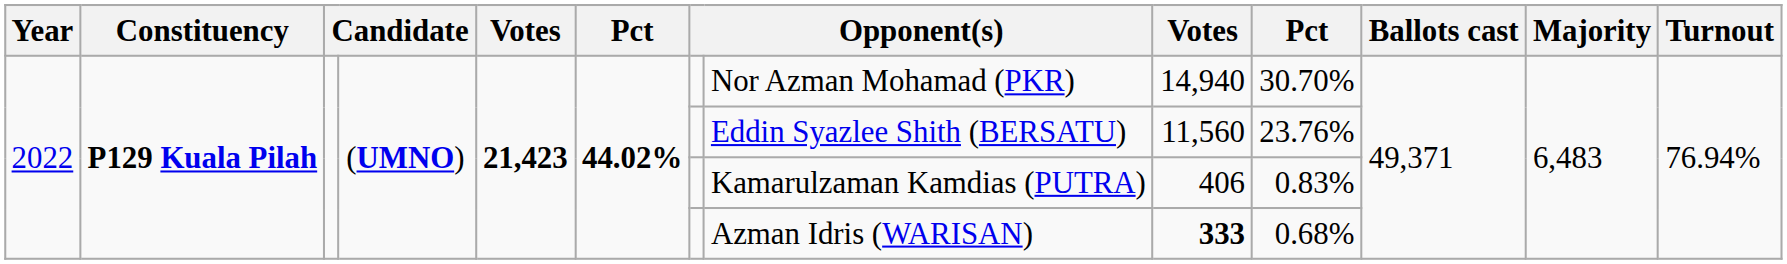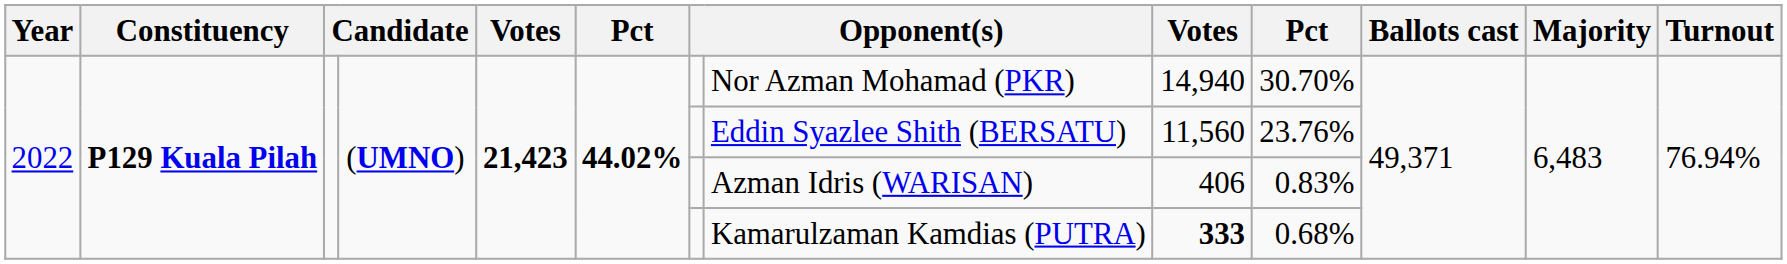 <table class="wikitable" style="margin:0.5em ; font-size:95%">
 <tr>
 <th>Year</th>
 <th>Constituency</th>
 <th colspan=2>Candidate</th>
 <th>Votes</th>
 <th>Pct</th>
 <th colspan=2>Opponent(s)</th>
 <th>Votes</th>
 <th>Pct</th>
 <th>Ballots cast</th>
 <th>Majority</th>
 <th>Turnout</th>
 </tr>
 <tr>
 <td rowspan=4><a href='#'>2022</a></td>
 <td rowspan=4><strong>P129 <a href='#'>Kuala Pilah</a></strong></td>
 <td rowspan=4 ></td>
 <td rowspan=4> (<a href='#'><strong>UMNO</strong></a>)</td>
 <td rowspan=4 align="right"><strong>21,423</strong></td>
 <td rowspan=4><strong>44.02%</strong></td>
 <td></td>
 <td>Nor Azman Mohamad (<a href='#'>PKR</a>)</td>
 <td align="right">14,940</td>
 <td>30.70%</td>
 <td rowspan=4>49,371</td>
 <td rowspan=4>6,483</td>
 <td rowspan=4>76.94%</td>
 </tr>
 <tr>
 <td></td>
 <td><a href='#'>Eddin Syazlee Shith</a> (<a href='#'>BERSATU</a>)</td>
 <td align="right">11,560</td>
 <td>23.76%</td>
 </tr>
 <tr>
 <td bgcolor=></td>
-<td>Kamarulzaman Kamdias (<a href='#'>PUTRA</a>)</td>
+<td>Azman Idris (<a href='#'>WARISAN</a>)</td>
 <td align="right">406</td>
 <td align=right>0.83%</td>
 </tr>
 <tr>
 <td></td>
-<td>Azman Idris (<a href='#'>WARISAN</a>)</td>
+<td>Kamarulzaman Kamdias (<a href='#'>PUTRA</a>)</td>
 <td align="right"><strong>333</strong></td>
 <td align=right>0.68%</td>
 </tr>
 </table>
